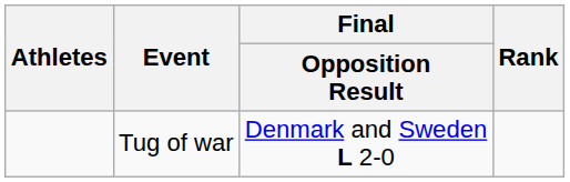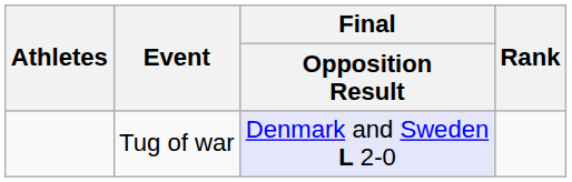 <table class=wikitable>
 <tr>
 <th rowspan=2>Athletes</th>
 <th rowspan=2>Event</th>
 <th>Final</th>
 <th rowspan=2>Rank</th>
 </tr>
 <tr>
 <th>Opposition <br> Result</th>
 </tr>
 <tr align=center>
 <td align=left></td>
 <td>Tug of war</td>
-<td><a href='#'>Denmark</a> and <a href='#'>Sweden</a> <br> <strong>L</strong> 2-0</td>
+<td style="background: lavender;"><a href='#'>Denmark</a> and <a href='#'>Sweden</a> <br> <strong>L</strong> 2-0</td>
 <td></td>
 </tr>
 </table>
